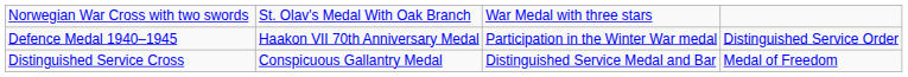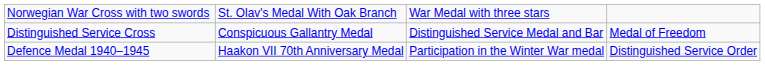 <table class="wikitable" style="align: center;">
 <tr>
 <td><a href='#'>Norwegian War Cross with two swords</a> </td>
 <td><a href='#'>St. Olav's Medal With Oak Branch</a></td>
 <td><a href='#'>War Medal with three stars</a></td>
 </tr>
 <tr>
+<td><a href='#'>Distinguished Service Cross</a></td>
+<td><a href='#'>Conspicuous Gallantry Medal</a></td>
+<td><a href='#'>Distinguished Service Medal and Bar</a></td>
+<td><a href='#'>Medal of Freedom</a></td>
+</tr>
+<tr>
 <td><a href='#'>Defence Medal 1940–1945</a></td>
 <td><a href='#'>Haakon VII 70th Anniversary Medal</a></td>
 <td><a href='#'>Participation in the Winter War medal</a></td>
 <td><a href='#'>Distinguished Service Order</a></td>
 </tr>
-<tr>
-<td><a href='#'>Distinguished Service Cross</a></td>
-<td><a href='#'>Conspicuous Gallantry Medal</a></td>
-<td><a href='#'>Distinguished Service Medal and Bar</a></td>
-<td><a href='#'>Medal of Freedom</a></td>
-</tr>
 </table>
